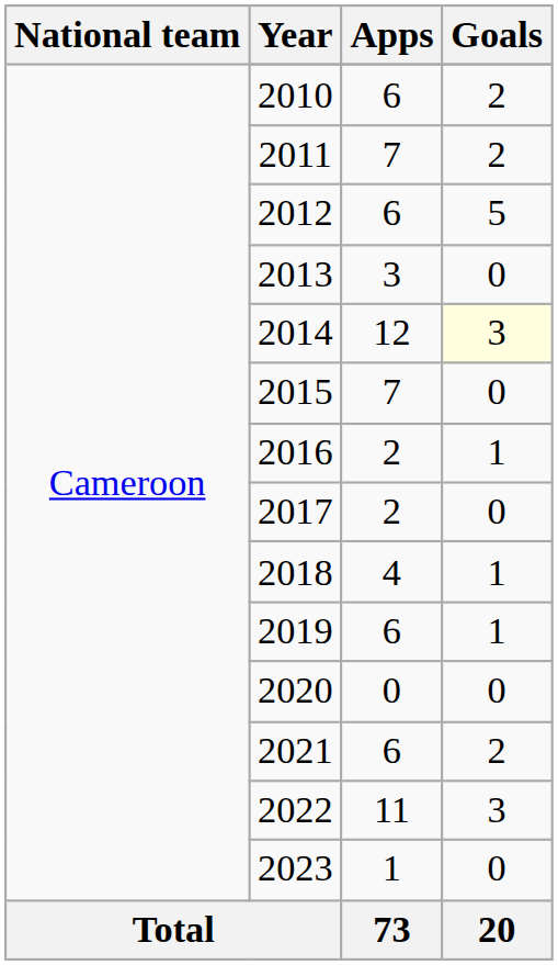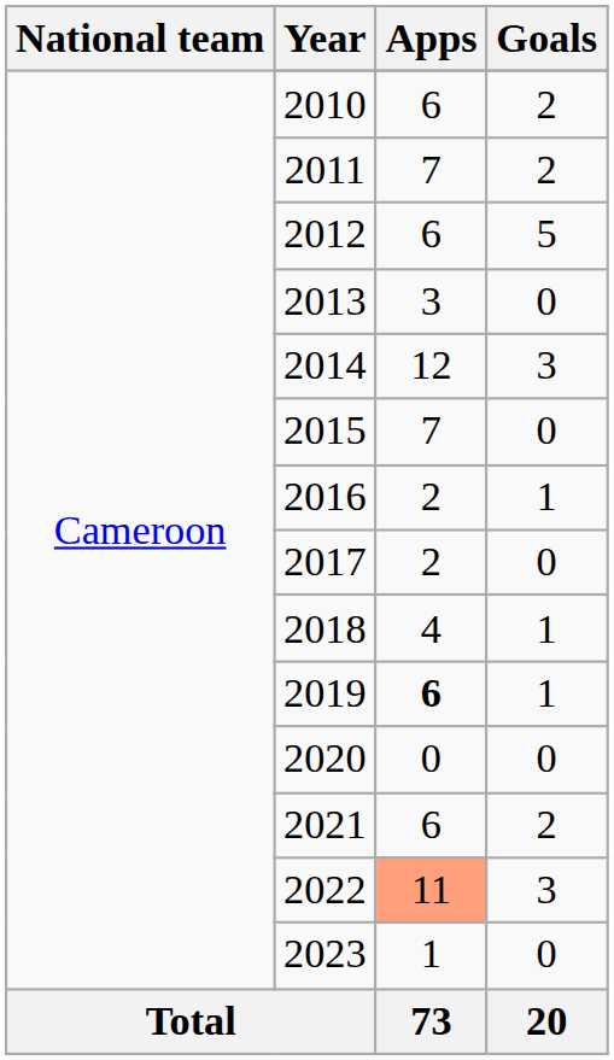 <table class="wikitable" style="text-align: center">
 <tr>
 <th>National team</th>
 <th>Year</th>
 <th>Apps</th>
 <th>Goals</th>
 </tr>
 <tr>
 <td rowspan="15"><a href='#'>Cameroon</a></td>
 </tr>
 <tr>
 <td>2010</td>
 <td>6</td>
 <td>2</td>
 </tr>
 <tr>
 <td>2011</td>
 <td>7</td>
 <td>2</td>
 </tr>
 <tr>
 <td>2012</td>
 <td>6</td>
 <td>5</td>
 </tr>
 <tr>
 <td>2013</td>
 <td>3</td>
 <td>0</td>
 </tr>
 <tr>
 <td>2014</td>
 <td>12</td>
-<td style="background: lightyellow;">3</td>
+<td>3</td>
 </tr>
 <tr>
 <td>2015</td>
 <td>7</td>
 <td>0</td>
 </tr>
 <tr>
 <td>2016</td>
 <td>2</td>
 <td>1</td>
 </tr>
 <tr>
 <td>2017</td>
 <td>2</td>
 <td>0</td>
 </tr>
 <tr>
 <td>2018</td>
 <td>4</td>
 <td>1</td>
 </tr>
 <tr>
 <td>2019</td>
-<td>6</td>
+<td><strong>6</strong></td>
 <td>1</td>
 </tr>
 <tr>
 <td>2020</td>
 <td>0</td>
 <td>0</td>
 </tr>
 <tr>
 <td>2021</td>
 <td>6</td>
 <td>2</td>
 </tr>
 <tr>
 <td>2022</td>
-<td>11</td>
+<td style="background: lightsalmon;">11</td>
 <td>3</td>
 </tr>
 <tr>
 <td>2023</td>
 <td>1</td>
 <td>0</td>
 </tr>
 <tr>
 <th colspan="2">Total</th>
 <th>73</th>
 <th>20</th>
 </tr>
 </table>
